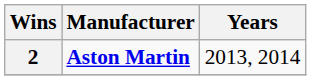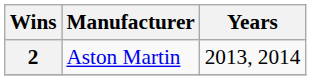 <table class="wikitable" style="font-size: 95%;">
 <tr>
 <th>Wins</th>
 <th>Manufacturer</th>
 <th>Years</th>
 </tr>
 <tr>
 <th>2</th>
-<td><strong> <a href='#'>Aston Martin</a></strong></td>
+<td> <a href='#'>Aston Martin</a></td>
 <td>2013, 2014</td>
 </tr>
 <tr>
 </tr>
 </table>
